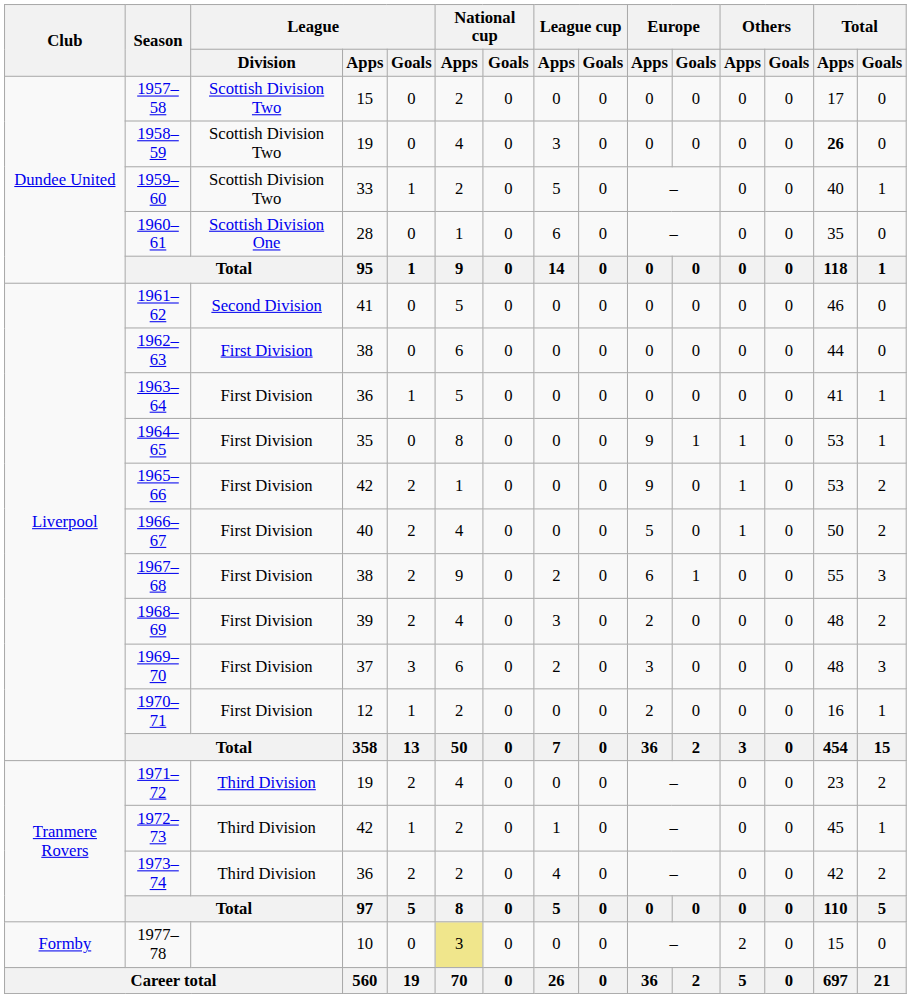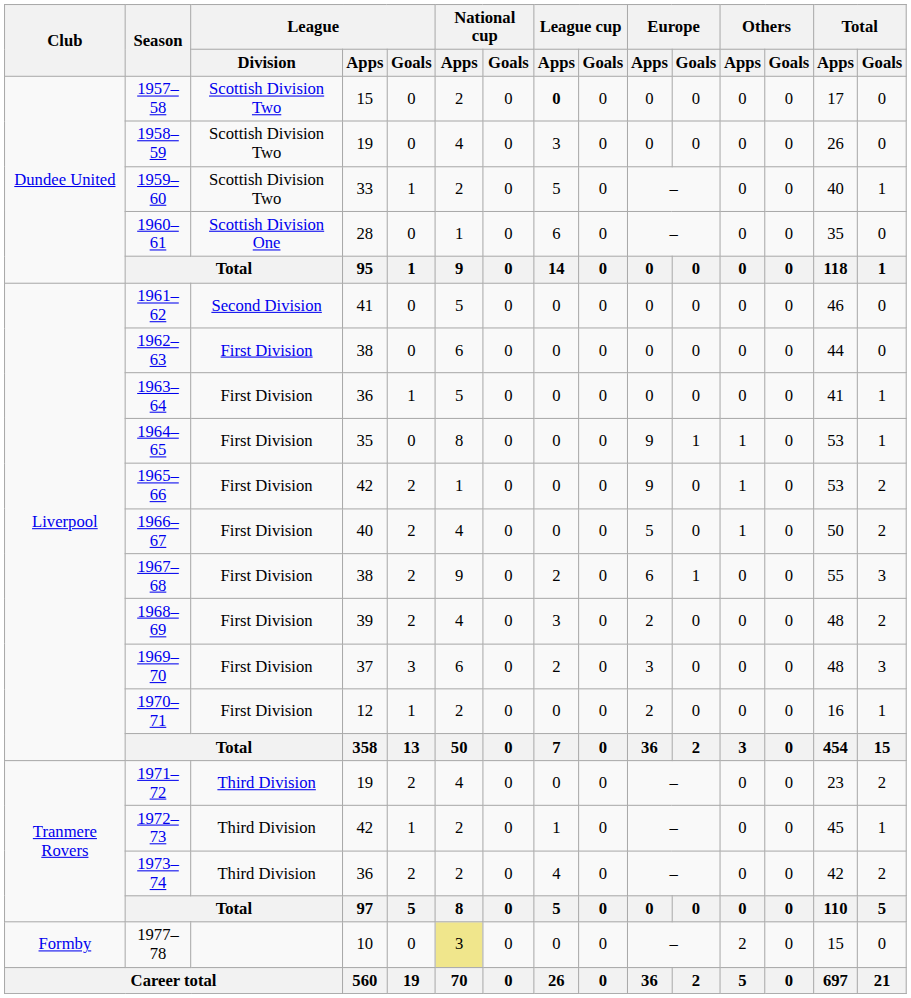 <table class="wikitable" style="text-align:center">
 <tr>
 <th rowspan="2">Club</th>
 <th rowspan="2">Season</th>
 <th colspan="3">League</th>
 <th colspan="2">National cup</th>
 <th colspan="2">League cup</th>
 <th colspan="2">Europe</th>
 <th colspan="2">Others</th>
 <th colspan="2">Total</th>
 </tr>
 <tr>
 <th>Division</th>
 <th>Apps</th>
 <th>Goals</th>
 <th>Apps</th>
 <th>Goals</th>
 <th>Apps</th>
 <th>Goals</th>
 <th>Apps</th>
 <th>Goals</th>
 <th>Apps</th>
 <th>Goals</th>
 <th>Apps</th>
 <th>Goals</th>
 </tr>
 <tr>
 <td rowspan="5"><a href='#'>Dundee United</a></td>
 <td><a href='#'>1957–58</a></td>
 <td><a href='#'>Scottish Division Two</a></td>
 <td>15</td>
 <td>0</td>
 <td>2</td>
 <td>0</td>
-<td>0</td>
+<td><strong>0</strong></td>
 <td>0</td>
 <td>0</td>
 <td>0</td>
 <td>0</td>
 <td>0</td>
 <td>17</td>
 <td>0</td>
 </tr>
 <tr>
 <td><a href='#'>1958–59</a></td>
 <td>Scottish Division Two</td>
 <td>19</td>
 <td>0</td>
 <td>4</td>
 <td>0</td>
 <td>3</td>
 <td>0</td>
 <td>0</td>
 <td>0</td>
 <td>0</td>
 <td>0</td>
-<td><strong>26</strong></td>
+<td>26</td>
 <td>0</td>
 </tr>
 <tr>
 <td><a href='#'>1959–60</a></td>
 <td>Scottish Division Two</td>
 <td>33</td>
 <td>1</td>
 <td>2</td>
 <td>0</td>
 <td>5</td>
 <td>0</td>
 <td colspan="2">–</td>
 <td>0</td>
 <td>0</td>
 <td>40</td>
 <td>1</td>
 </tr>
 <tr>
 <td><a href='#'>1960–61</a></td>
 <td><a href='#'>Scottish Division One</a></td>
 <td>28</td>
 <td>0</td>
 <td>1</td>
 <td>0</td>
 <td>6</td>
 <td>0</td>
 <td colspan="2">–</td>
 <td>0</td>
 <td>0</td>
 <td>35</td>
 <td>0</td>
 </tr>
 <tr>
 <th colspan="2">Total</th>
 <th>95</th>
 <th>1</th>
 <th>9</th>
 <th>0</th>
 <th>14</th>
 <th>0</th>
 <th>0</th>
 <th>0</th>
 <th>0</th>
 <th>0</th>
 <th>118</th>
 <th>1</th>
 </tr>
 <tr>
 <td rowspan="11"><a href='#'>Liverpool</a></td>
 <td><a href='#'>1961–62</a></td>
 <td><a href='#'>Second Division</a></td>
 <td>41</td>
 <td>0</td>
 <td>5</td>
 <td>0</td>
 <td>0</td>
 <td>0</td>
 <td>0</td>
 <td>0</td>
 <td>0</td>
 <td>0</td>
 <td>46</td>
 <td>0</td>
 </tr>
 <tr>
 <td><a href='#'>1962–63</a></td>
 <td><a href='#'>First Division</a></td>
 <td>38</td>
 <td>0</td>
 <td>6</td>
 <td>0</td>
 <td>0</td>
 <td>0</td>
 <td>0</td>
 <td>0</td>
 <td>0</td>
 <td>0</td>
 <td>44</td>
 <td>0</td>
 </tr>
 <tr>
 <td><a href='#'>1963–64</a></td>
 <td>First Division</td>
 <td>36</td>
 <td>1</td>
 <td>5</td>
 <td>0</td>
 <td>0</td>
 <td>0</td>
 <td>0</td>
 <td>0</td>
 <td>0</td>
 <td>0</td>
 <td>41</td>
 <td>1</td>
 </tr>
 <tr>
 <td><a href='#'>1964–65</a></td>
 <td>First Division</td>
 <td>35</td>
 <td>0</td>
 <td>8</td>
 <td>0</td>
 <td>0</td>
 <td>0</td>
 <td>9</td>
 <td>1</td>
 <td>1</td>
 <td>0</td>
 <td>53</td>
 <td>1</td>
 </tr>
 <tr>
 <td><a href='#'>1965–66</a></td>
 <td>First Division</td>
 <td>42</td>
 <td>2</td>
 <td>1</td>
 <td>0</td>
 <td>0</td>
 <td>0</td>
 <td>9</td>
 <td>0</td>
 <td>1</td>
 <td>0</td>
 <td>53</td>
 <td>2</td>
 </tr>
 <tr>
 <td><a href='#'>1966–67</a></td>
 <td>First Division</td>
 <td>40</td>
 <td>2</td>
 <td>4</td>
 <td>0</td>
 <td>0</td>
 <td>0</td>
 <td>5</td>
 <td>0</td>
 <td>1</td>
 <td>0</td>
 <td>50</td>
 <td>2</td>
 </tr>
 <tr>
 <td><a href='#'>1967–68</a></td>
 <td>First Division</td>
 <td>38</td>
 <td>2</td>
 <td>9</td>
 <td>0</td>
 <td>2</td>
 <td>0</td>
 <td>6</td>
 <td>1</td>
 <td>0</td>
 <td>0</td>
 <td>55</td>
 <td>3</td>
 </tr>
 <tr>
 <td><a href='#'>1968–69</a></td>
 <td>First Division</td>
 <td>39</td>
 <td>2</td>
 <td>4</td>
 <td>0</td>
 <td>3</td>
 <td>0</td>
 <td>2</td>
 <td>0</td>
 <td>0</td>
 <td>0</td>
 <td>48</td>
 <td>2</td>
 </tr>
 <tr>
 <td><a href='#'>1969–70</a></td>
 <td>First Division</td>
 <td>37</td>
 <td>3</td>
 <td>6</td>
 <td>0</td>
 <td>2</td>
 <td>0</td>
 <td>3</td>
 <td>0</td>
 <td>0</td>
 <td>0</td>
 <td>48</td>
 <td>3</td>
 </tr>
 <tr>
 <td><a href='#'>1970–71</a></td>
 <td>First Division</td>
 <td>12</td>
 <td>1</td>
 <td>2</td>
 <td>0</td>
 <td>0</td>
 <td>0</td>
 <td>2</td>
 <td>0</td>
 <td>0</td>
 <td>0</td>
 <td>16</td>
 <td>1</td>
 </tr>
 <tr>
 <th colspan="2">Total</th>
 <th>358</th>
 <th>13</th>
 <th>50</th>
 <th>0</th>
 <th>7</th>
 <th>0</th>
 <th>36</th>
 <th>2</th>
 <th>3</th>
 <th>0</th>
 <th>454</th>
 <th>15</th>
 </tr>
 <tr>
 <td rowspan="4"><a href='#'>Tranmere Rovers</a></td>
 <td><a href='#'>1971–72</a></td>
 <td><a href='#'>Third Division</a></td>
 <td>19</td>
 <td>2</td>
 <td>4</td>
 <td>0</td>
 <td>0</td>
 <td>0</td>
 <td colspan="2">–</td>
 <td>0</td>
 <td>0</td>
 <td>23</td>
 <td>2</td>
 </tr>
 <tr>
 <td><a href='#'>1972–73</a></td>
 <td>Third Division</td>
 <td>42</td>
 <td>1</td>
 <td>2</td>
 <td>0</td>
 <td>1</td>
 <td>0</td>
 <td colspan="2">–</td>
 <td>0</td>
 <td>0</td>
 <td>45</td>
 <td>1</td>
 </tr>
 <tr>
 <td><a href='#'>1973–74</a></td>
 <td>Third Division</td>
 <td>36</td>
 <td>2</td>
 <td>2</td>
 <td>0</td>
 <td>4</td>
 <td>0</td>
 <td colspan="2">–</td>
 <td>0</td>
 <td>0</td>
 <td>42</td>
 <td>2</td>
 </tr>
 <tr>
 <th colspan="2">Total</th>
 <th>97</th>
 <th>5</th>
 <th>8</th>
 <th>0</th>
 <th>5</th>
 <th>0</th>
 <th>0</th>
 <th>0</th>
 <th>0</th>
 <th>0</th>
 <th>110</th>
 <th>5</th>
 </tr>
 <tr>
 <td><a href='#'>Formby</a></td>
 <td>1977–78</td>
 <td></td>
 <td>10</td>
 <td>0</td>
 <td style="background: khaki;">3</td>
 <td>0</td>
 <td>0</td>
 <td>0</td>
 <td colspan="2">–</td>
 <td>2</td>
 <td>0</td>
 <td>15</td>
 <td>0</td>
 </tr>
 <tr>
 <th colspan="3">Career total</th>
 <th>560</th>
 <th>19</th>
 <th>70</th>
 <th>0</th>
 <th>26</th>
 <th>0</th>
 <th>36</th>
 <th>2</th>
 <th>5</th>
 <th>0</th>
 <th>697</th>
 <th>21</th>
 </tr>
 </table>
